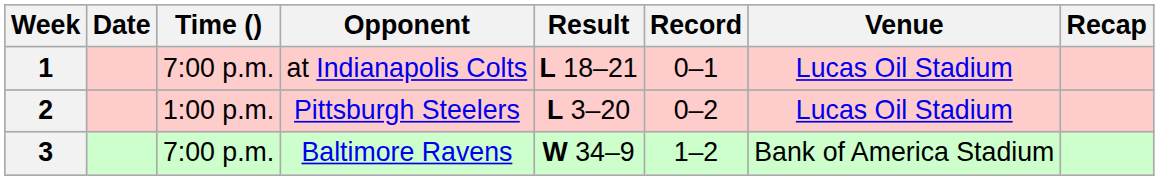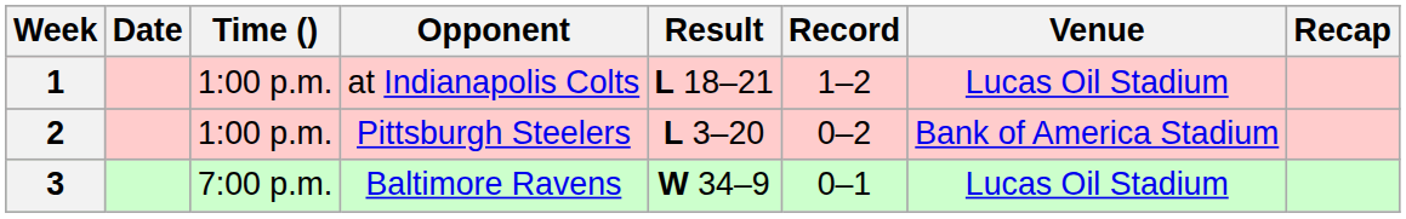 <table class="wikitable" style="text-align:center">
 <tr>
 <th>Week</th>
 <th>Date</th>
 <th>Time (<a href='#'></a>)</th>
 <th>Opponent</th>
 <th>Result</th>
 <th>Record</th>
 <th>Venue</th>
 <th>Recap</th>
 </tr>
 <tr style="background:#fcc">
 <th>1</th>
 <td></td>
-<td>7:00 p.m.</td>
+<td>1:00 p.m.</td>
 <td>at <a href='#'>Indianapolis Colts</a></td>
 <td><strong>L</strong> 18–21</td>
-<td>0–1</td>
+<td>1–2</td>
 <td><a href='#'>Lucas Oil Stadium</a></td>
 <td></td>
 </tr>
 <tr style="background:#fcc">
 <th>2</th>
 <td></td>
 <td>1:00 p.m.</td>
 <td><a href='#'>Pittsburgh Steelers</a></td>
 <td><strong>L</strong> 3–20</td>
 <td>0–2</td>
-<td><a href='#'>Lucas Oil Stadium</a></td>
+<td><a href='#'>Bank of America Stadium</a></td>
 <td></td>
 </tr>
 <tr style="background:#cfc">
 <th>3</th>
 <td></td>
 <td>7:00 p.m.</td>
 <td><a href='#'>Baltimore Ravens</a></td>
 <td><strong>W</strong> 34–9</td>
-<td>1–2</td>
-<td>Bank of America Stadium</td>
+<td>0–1</td>
+<td><a href='#'>Lucas Oil Stadium</a></td>
 <td></td>
 </tr>
 </table>
